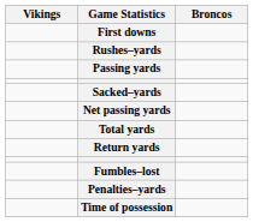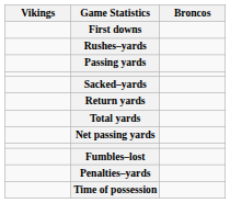 <table class="wikitable" style="margin: 1em auto 1em auto">
 <tr>
 <th style="width:30%;">Vikings</th>
 <th style="width:40%;">Game Statistics</th>
 <th style="width:30%;">Broncos</th>
 </tr>
 <tr>
 <td style="text-align:right;"></td>
 <th>First downs</th>
 <td></td>
 </tr>
 <tr>
 <td style="text-align:right;"></td>
 <th>Rushes–yards</th>
 <td></td>
 </tr>
 <tr>
 <td style="text-align:right;"></td>
 <th>Passing yards</th>
 <td></td>
 </tr>
 <tr>
 <td style="text-align:right;"></td>
 <th></th>
 <td></td>
 </tr>
 <tr>
 <td style="text-align:right;"></td>
 <th>Sacked–yards</th>
 <td></td>
 </tr>
 <tr>
 <td style="text-align:right;"></td>
-<th>Net passing yards</th>
+<th>Return yards</th>
 <td></td>
 </tr>
 <tr>
 <td style="text-align:right;"></td>
 <th>Total yards</th>
 <td></td>
 </tr>
 <tr>
 <td style="text-align:right;"></td>
-<th>Return yards</th>
+<th>Net passing yards</th>
 <td></td>
 </tr>
 <tr>
 <td style="text-align:right;"></td>
 <th></th>
 <td></td>
 </tr>
 <tr>
 <td style="text-align:right;"></td>
 <th>Fumbles–lost</th>
 <td></td>
 </tr>
 <tr>
 <td style="text-align:right;"></td>
 <th>Penalties–yards</th>
 <td></td>
 </tr>
 <tr>
 <td style="text-align:right;"></td>
 <th>Time of possession</th>
 <td></td>
 </tr>
 </table>
